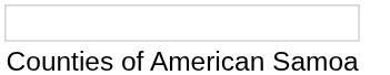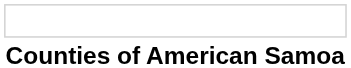 <table style="text-align:center">
 <tr>
 <td style="border:1px solid lightgray"><br>                     </td>
 </tr>
 <tr>
-<td height=30 valign=top>Counties of American Samoa</td>
+<td height=30 valign=top><strong>Counties of American Samoa</strong></td>
 </tr>
 </table>
